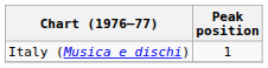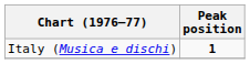 <table class="wikitable sortable">
 <tr>
 <th align="left">Chart (1976–77)</th>
 <th align="left">Peak<br>position</th>
 </tr>
 <tr>
 <td align="left">Italy (<em><a href='#'>Musica e dischi</a></em>)</td>
-<td align="center">1</td>
+<td align="center"><strong>1</strong></td>
 </tr>
 <tr>
 </tr>
 </table>
